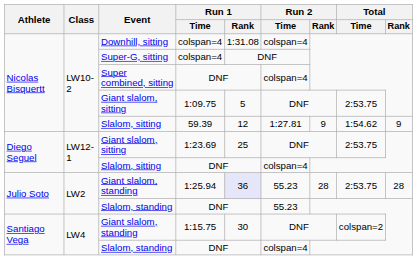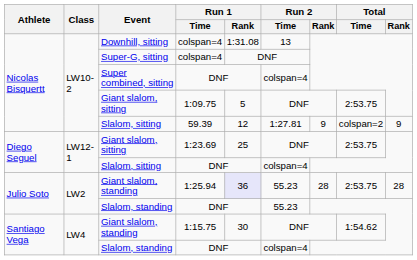 <table class=wikitable style="font-size:90%">
 <tr>
 <th rowspan=2>Athlete</th>
 <th rowspan=2>Class</th>
 <th rowspan=2>Event</th>
 <th colspan=2>Run 1</th>
 <th colspan=2>Run 2</th>
 <th colspan=2>Total</th>
 </tr>
 <tr style="font-size:95%">
 <th>Time</th>
 <th>Rank</th>
 <th>Time</th>
 <th>Rank</th>
 <th>Time</th>
 <th>Rank</th>
 </tr>
 <tr>
 <td rowspan=5><a href='#'>Nicolas Bisquertt</a></td>
 <td rowspan=5>LW10-2</td>
 <td><a href='#'>Downhill, sitting</a></td>
 <td>colspan=4 </td>
 <td align=center>1:31.08</td>
-<td>colspan=4 </td>
+<td align=center>13</td>
 </tr>
 <tr>
 <td><a href='#'>Super-G, sitting</a></td>
 <td>colspan=4 </td>
 <td colspan=2 align="center">DNF</td>
 </tr>
 <tr>
 <td><a href='#'>Super combined, sitting</a></td>
 <td align="center" colspan=2>DNF</td>
 <td>colspan=4 </td>
 </tr>
 <tr>
 <td><a href='#'>Giant slalom, sitting</a></td>
 <td align=center>1:09.75</td>
 <td align=center>5</td>
 <td colspan=2 align="center">DNF</td>
 <td align=center>2:53.75</td>
 </tr>
 <tr>
 <td><a href='#'>Slalom, sitting</a></td>
 <td align=center>59.39</td>
 <td align=center>12</td>
 <td align=center>1:27.81</td>
 <td align=center>9</td>
-<td align=center>1:54.62</td>
+<td>colspan=2 </td>
 <td align=center>9</td>
 </tr>
 <tr>
 <td rowspan=2><a href='#'>Diego Seguel</a></td>
 <td rowspan=2>LW12-1</td>
 <td><a href='#'>Giant slalom, sitting</a></td>
 <td align=center>1:23.69</td>
 <td align=center>25</td>
 <td colspan=2 align=center>DNF</td>
 <td align=center>2:53.75</td>
 </tr>
 <tr>
 <td><a href='#'>Slalom, sitting</a></td>
 <td colspan=2 align="center">DNF</td>
 <td>colspan=4 </td>
 </tr>
 <tr>
 <td rowspan=2><a href='#'>Julio Soto</a></td>
 <td rowspan=2>LW2</td>
 <td><a href='#'>Giant slalom, standing</a></td>
 <td align=center>1:25.94</td>
 <td align=center style="background: lavender;">36</td>
 <td align=center>55.23</td>
 <td align=center>28</td>
 <td align=center>2:53.75</td>
 <td align=center>28</td>
 </tr>
 <tr>
 <td><a href='#'>Slalom, standing</a></td>
 <td colspan=2 align="center">DNF</td>
 <td align=center>55.23</td>
 </tr>
 <tr>
 <td rowspan=2><a href='#'>Santiago Vega</a></td>
 <td rowspan=2>LW4</td>
 <td><a href='#'>Giant slalom, standing</a></td>
 <td align=center>1:15.75</td>
 <td align=center>30</td>
 <td colspan=2 align="center">DNF</td>
-<td>colspan=2 </td>
+<td align=center>1:54.62</td>
 </tr>
 <tr>
 <td><a href='#'>Slalom, standing</a></td>
 <td colspan=2 align="center">DNF</td>
 <td>colspan=4 </td>
 </tr>
 </table>
